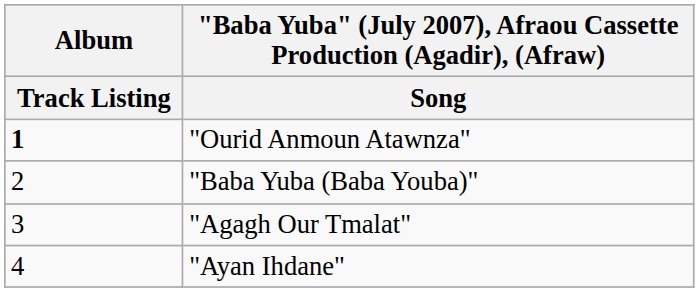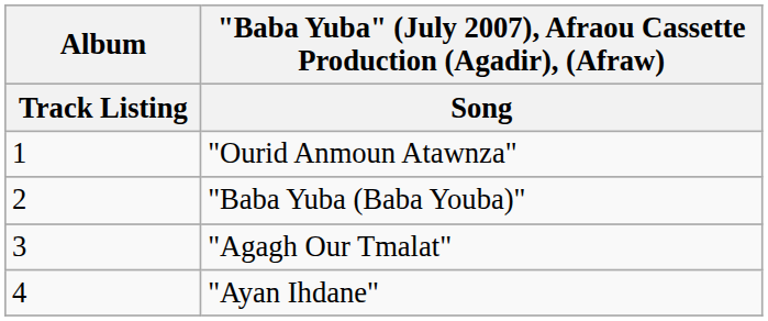 <table class="wikitable">
 <tr>
 <th>Album</th>
 <th>"Baba Yuba" (July 2007), Afraou Cassette Production (Agadir), (Afraw)</th>
 </tr>
 <tr>
 <th width="100pt">Track Listing</th>
 <th width="300pt">Song</th>
 </tr>
 <tr>
-<td><strong>1</strong></td>
+<td>1</td>
 <td>"Ourid Anmoun Atawnza"</td>
 </tr>
 <tr>
 <td>2</td>
 <td>"Baba Yuba (Baba Youba)"</td>
 </tr>
 <tr>
 <td>3</td>
 <td>"Agagh Our Tmalat"</td>
 </tr>
 <tr>
 <td>4</td>
 <td>"Ayan Ihdane"</td>
 </tr>
 </table>
